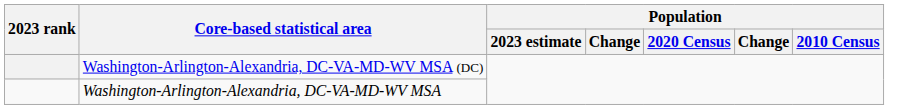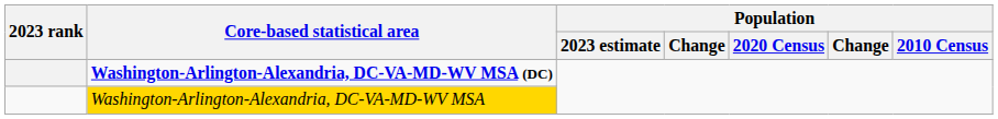 <table class="wikitable sortable">
 <tr>
 <th scope=col rowspan=2>2023 rank</th>
 <th scope=col rowspan=2><a href='#'>Core-based statistical area</a></th>
 <th colspan=5>Population</th>
 </tr>
 <tr>
 <th scope=col>2023 estimate</th>
 <th scope=col>Change</th>
 <th scope=col><a href='#'>2020 Census</a></th>
 <th scope=col>Change</th>
 <th scope=col><a href='#'>2010 Census</a></th>
 </tr>
 <tr>
 <th scope=row></th>
-<td><a href='#'>Washington-Arlington-Alexandria, DC-VA-MD-WV MSA</a> <small>(DC)</small><br></td>
+<td><strong><a href='#'>Washington-Arlington-Alexandria, DC-VA-MD-WV MSA</a> <small>(DC)</small><br></strong></td>
 </tr>
 <tr>
 <td></td>
-<td><em><span>Washington-Arlington-Alexandria, DC-VA-MD-WV MSA</span></em><br></td>
+<td style="background: gold;"><em><span>Washington-Arlington-Alexandria, DC-VA-MD-WV MSA</span></em><br></td>
 </tr>
 </table>
